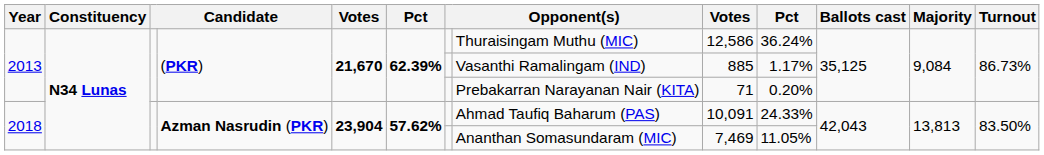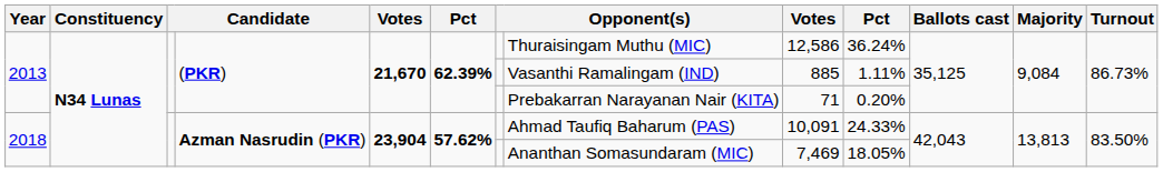 <table class="wikitable" style="margin:0.5em ; font-size:95%">
 <tr>
 <th>Year</th>
 <th>Constituency</th>
 <th colspan=2>Candidate</th>
 <th>Votes</th>
 <th>Pct</th>
 <th colspan=2>Opponent(s)</th>
 <th>Votes</th>
 <th>Pct</th>
 <th>Ballots cast</th>
 <th>Majority</th>
 <th>Turnout</th>
 </tr>
 <tr>
 <td rowspan=3><a href='#'>2013</a></td>
 <td rowspan=5><strong>N34 <a href='#'>Lunas</a></strong></td>
 <td rowspan=3 ></td>
 <td rowspan=3> (<a href='#'><strong>PKR</strong></a>)</td>
 <td rowspan=3 align="right"><strong>21,670</strong></td>
 <td rowspan=3><strong>62.39%</strong></td>
 <td></td>
 <td>Thuraisingam Muthu (<a href='#'>MIC</a>)</td>
 <td align="right">12,586</td>
 <td>36.24%</td>
 <td rowspan=3>35,125</td>
 <td rowspan=3>9,084</td>
 <td rowspan=3>86.73%</td>
 </tr>
 <tr>
 <td></td>
 <td>Vasanthi Ramalingam (<a href='#'>IND</a>)</td>
 <td align="right">885</td>
-<td align=right>1.17%</td>
+<td align=right>1.11%</td>
 </tr>
 <tr>
 <td></td>
 <td>Prebakarran Narayanan Nair (<a href='#'>KITA</a>)</td>
 <td align="right">71</td>
 <td align=right>0.20%</td>
 </tr>
 <tr>
 <td rowspan=2><a href='#'>2018</a></td>
 <td rowspan=2 ></td>
 <td rowspan=2><strong>Azman Nasrudin</strong> (<a href='#'><strong>PKR</strong></a>)</td>
 <td rowspan=2 align="right"><strong>23,904</strong></td>
 <td rowspan=2><strong>57.62%</strong></td>
 <td></td>
 <td>Ahmad Taufiq Baharum (<a href='#'>PAS</a>)</td>
 <td align="right">10,091</td>
 <td>24.33%</td>
 <td rowspan=2>42,043</td>
 <td rowspan=2>13,813</td>
 <td rowspan=2>83.50%</td>
 </tr>
 <tr>
 <td></td>
 <td>Ananthan Somasundaram (<a href='#'>MIC</a>)</td>
 <td align="right">7,469</td>
-<td>11.05%</td>
+<td>18.05%</td>
 </tr>
 </table>
